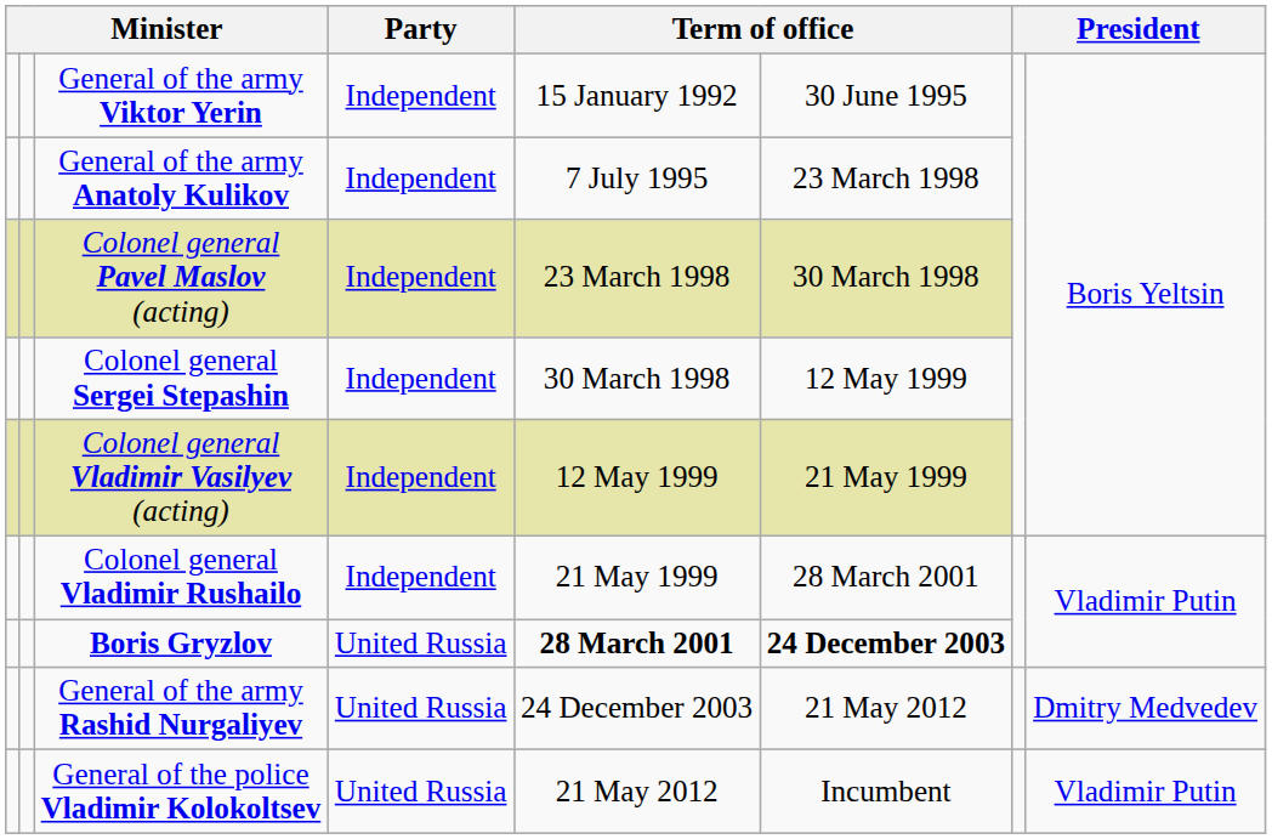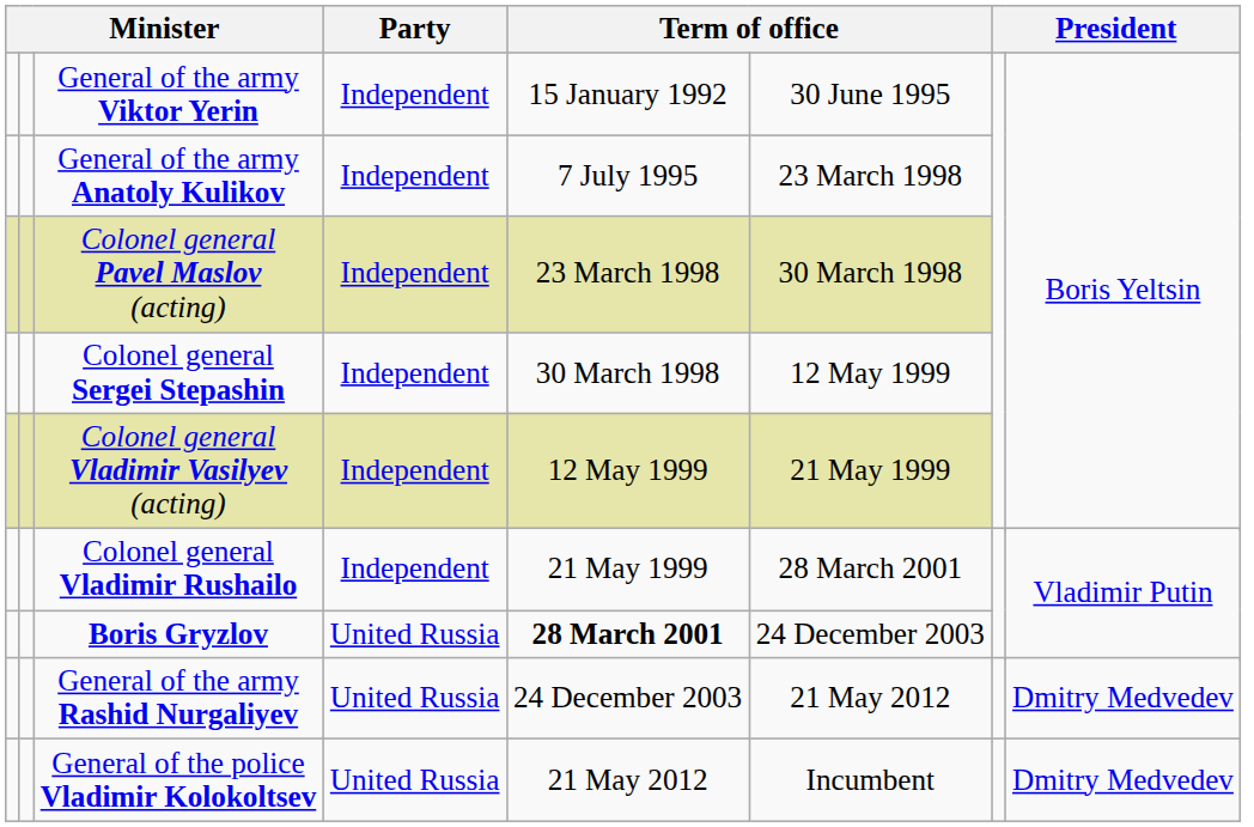 <table class="wikitable" style="text-align:center;">
 <tr>
 <th colspan=3>Minister</th>
 <th>Party</th>
 <th colspan=2>Term of office</th>
 <th colspan=2><a href='#'>President</a></th>
 </tr>
 <tr>
 <td style="background:"></td>
 <td></td>
 <td><a href='#'>General of the army</a><br><strong><a href='#'>Viktor Yerin</a></strong></td>
 <td><a href='#'>Independent</a></td>
 <td>15 January 1992</td>
 <td>30 June 1995</td>
 <td rowspan=6 style="background:"></td>
 <td rowspan=6><a href='#'>Boris Yeltsin</a></td>
 </tr>
 <tr>
 <td style="background:"></td>
 <td></td>
 <td><a href='#'>General of the army</a><br><strong><a href='#'>Anatoly Kulikov</a></strong></td>
 <td><a href='#'>Independent</a></td>
 <td>7 July 1995</td>
 <td>23 March 1998</td>
 </tr>
 <tr bgcolor=#E6E6AA>
 <td style="background:"></td>
 <td></td>
 <td><em><a href='#'>Colonel general</a><br><strong><a href='#'>Pavel Maslov</a></strong><br>(acting)</em></td>
 <td><a href='#'>Independent</a></td>
 <td>23 March 1998</td>
 <td>30 March 1998</td>
 </tr>
 <tr>
 <td style="background:"></td>
 <td></td>
 <td><a href='#'>Colonel general</a><br><strong><a href='#'>Sergei Stepashin</a></strong></td>
 <td><a href='#'>Independent</a></td>
 <td>30 March 1998</td>
 <td>12 May 1999</td>
 </tr>
 <tr bgcolor=#E6E6AA>
 <td style="background:"></td>
 <td></td>
 <td><em><a href='#'>Colonel general</a><br><strong><a href='#'>Vladimir Vasilyev</a></strong><br>(acting)</em></td>
 <td><a href='#'>Independent</a></td>
 <td>12 May 1999</td>
 <td>21 May 1999</td>
 </tr>
 <tr>
 <td rowspan=2 style="background:"></td>
 <td rowspan=2></td>
 <td rowspan=2><a href='#'>Colonel general</a><br><strong><a href='#'>Vladimir Rushailo</a></strong></td>
 <td rowspan=2><a href='#'>Independent</a></td>
 <td rowspan=2>21 May 1999</td>
 <td rowspan=2>28 March 2001</td>
 </tr>
 <tr>
 <td rowspan=3 style="background:"></td>
 <td rowspan=3><a href='#'>Vladimir Putin</a></td>
 </tr>
 <tr>
 <td style="background:"></td>
 <td></td>
 <td><strong><a href='#'>Boris Gryzlov</a></strong></td>
 <td><a href='#'>United Russia</a></td>
 <td><strong>28 March 2001</strong></td>
-<td><strong>24 December 2003</strong></td>
+<td>24 December 2003</td>
 </tr>
 <tr>
 <td rowspan=2 style="background:"></td>
 <td rowspan=2></td>
 <td rowspan=2><a href='#'>General of the army</a><br><strong><a href='#'>Rashid Nurgaliyev</a></strong></td>
 <td rowspan=2><a href='#'>United Russia</a></td>
 <td rowspan=2>24 December 2003</td>
 <td rowspan=2>21 May 2012</td>
 </tr>
 <tr>
 <td style="background:"></td>
 <td><a href='#'>Dmitry Medvedev</a></td>
 </tr>
 <tr>
 <td style="background:"></td>
 <td></td>
 <td><a href='#'>General of the police</a><br><strong><a href='#'>Vladimir Kolokoltsev</a></strong></td>
 <td><a href='#'>United Russia</a></td>
 <td>21 May 2012</td>
 <td>Incumbent</td>
 <td style="background:"></td>
-<td><a href='#'>Vladimir Putin</a></td>
+<td><a href='#'>Dmitry Medvedev</a></td>
 </tr>
 </table>
